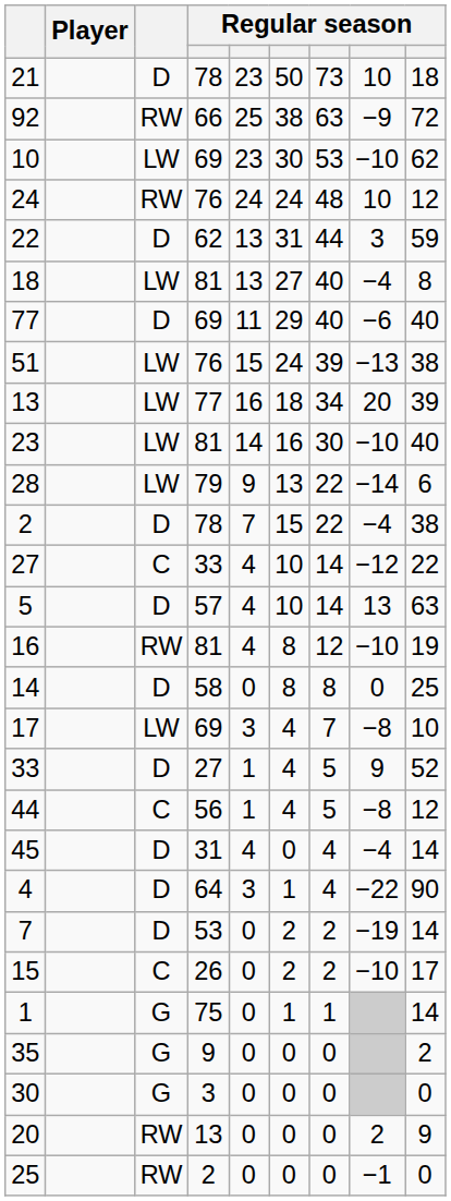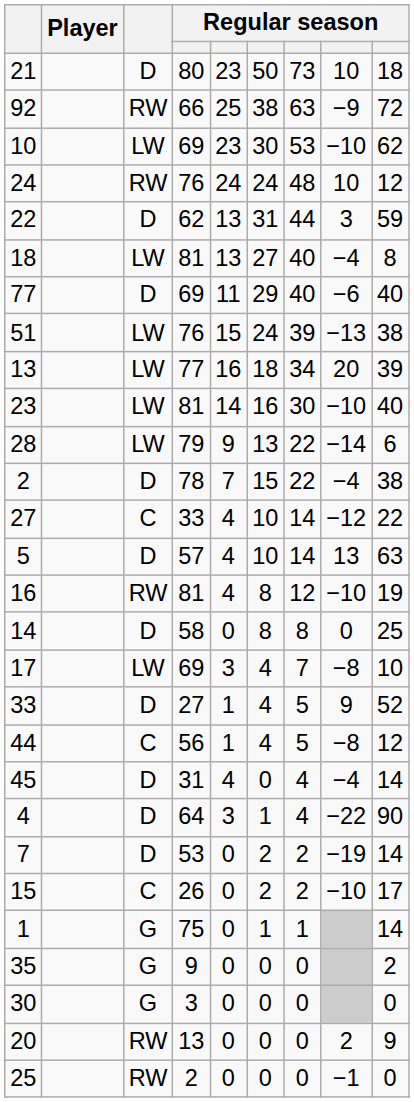 <table class="wikitable sortable plainrowheaders" style="text-align:center;">
 <tr>
 <th scope="col" data-sort-type="number" rowspan="2"></th>
 <th scope="col" rowspan="2">Player</th>
 <th scope="col" rowspan="2"></th>
 <th scope=colgroup colspan=6>Regular season</th>
 </tr>
 <tr>
 <th scope="col" data-sort-type="number"></th>
 <th scope="col" data-sort-type="number"></th>
 <th scope="col" data-sort-type="number"></th>
 <th scope="col" data-sort-type="number"></th>
 <th scope="col" data-sort-type="number"></th>
 <th scope="col" data-sort-type="number"></th>
 </tr>
 <tr>
 <td scope="row">21</td>
 <td align="left"></td>
 <td>D</td>
-<td>78</td>
+<td>80</td>
 <td>23</td>
 <td>50</td>
 <td>73</td>
 <td>10</td>
 <td>18</td>
 </tr>
 <tr>
 <td scope="row">92</td>
 <td align="left"></td>
 <td>RW</td>
 <td>66</td>
 <td>25</td>
 <td>38</td>
 <td>63</td>
 <td>−9</td>
 <td>72</td>
 </tr>
 <tr>
 <td scope="row">10</td>
 <td align="left"></td>
 <td>LW</td>
 <td>69</td>
 <td>23</td>
 <td>30</td>
 <td>53</td>
 <td>−10</td>
 <td>62</td>
 </tr>
 <tr>
 <td scope="row">24</td>
 <td align="left"></td>
 <td>RW</td>
 <td>76</td>
 <td>24</td>
 <td>24</td>
 <td>48</td>
 <td>10</td>
 <td>12</td>
 </tr>
 <tr>
 <td scope="row">22</td>
 <td align="left"></td>
 <td>D</td>
 <td>62</td>
 <td>13</td>
 <td>31</td>
 <td>44</td>
 <td>3</td>
 <td>59</td>
 </tr>
 <tr>
 <td scope="row">18</td>
 <td align="left"></td>
 <td>LW</td>
 <td>81</td>
 <td>13</td>
 <td>27</td>
 <td>40</td>
 <td>−4</td>
 <td>8</td>
 </tr>
 <tr>
 <td scope="row">77</td>
 <td align="left"></td>
 <td>D</td>
 <td>69</td>
 <td>11</td>
 <td>29</td>
 <td>40</td>
 <td>−6</td>
 <td>40</td>
 </tr>
 <tr>
 <td scope="row">51</td>
 <td align="left"></td>
 <td>LW</td>
 <td>76</td>
 <td>15</td>
 <td>24</td>
 <td>39</td>
 <td>−13</td>
 <td>38</td>
 </tr>
 <tr>
 <td scope="row">13</td>
 <td align="left"></td>
 <td>LW</td>
 <td>77</td>
 <td>16</td>
 <td>18</td>
 <td>34</td>
 <td>20</td>
 <td>39</td>
 </tr>
 <tr>
 <td scope="row">23</td>
 <td align="left"></td>
 <td>LW</td>
 <td>81</td>
 <td>14</td>
 <td>16</td>
 <td>30</td>
 <td>−10</td>
 <td>40</td>
 </tr>
 <tr>
 <td scope="row">28</td>
 <td align="left"></td>
 <td>LW</td>
 <td>79</td>
 <td>9</td>
 <td>13</td>
 <td>22</td>
 <td>−14</td>
 <td>6</td>
 </tr>
 <tr>
 <td scope="row">2</td>
 <td align="left"></td>
 <td>D</td>
 <td>78</td>
 <td>7</td>
 <td>15</td>
 <td>22</td>
 <td>−4</td>
 <td>38</td>
 </tr>
 <tr>
 <td scope="row">27</td>
 <td align="left"></td>
 <td>C</td>
 <td>33</td>
 <td>4</td>
 <td>10</td>
 <td>14</td>
 <td>−12</td>
 <td>22</td>
 </tr>
 <tr>
 <td scope="row">5</td>
 <td align="left"></td>
 <td>D</td>
 <td>57</td>
 <td>4</td>
 <td>10</td>
 <td>14</td>
 <td>13</td>
 <td>63</td>
 </tr>
 <tr>
 <td scope="row">16</td>
 <td align="left"></td>
 <td>RW</td>
 <td>81</td>
 <td>4</td>
 <td>8</td>
 <td>12</td>
 <td>−10</td>
 <td>19</td>
 </tr>
 <tr>
 <td scope="row">14</td>
 <td align="left"></td>
 <td>D</td>
 <td>58</td>
 <td>0</td>
 <td>8</td>
 <td>8</td>
 <td>0</td>
 <td>25</td>
 </tr>
 <tr>
 <td scope="row">17</td>
 <td align="left"></td>
 <td>LW</td>
 <td>69</td>
 <td>3</td>
 <td>4</td>
 <td>7</td>
 <td>−8</td>
 <td>10</td>
 </tr>
 <tr>
 <td scope="row">33</td>
 <td align="left"></td>
 <td>D</td>
 <td>27</td>
 <td>1</td>
 <td>4</td>
 <td>5</td>
 <td>9</td>
 <td>52</td>
 </tr>
 <tr>
 <td scope="row">44</td>
 <td align="left"></td>
 <td>C</td>
 <td>56</td>
 <td>1</td>
 <td>4</td>
 <td>5</td>
 <td>−8</td>
 <td>12</td>
 </tr>
 <tr>
 <td scope="row">45</td>
 <td align="left"></td>
 <td>D</td>
 <td>31</td>
 <td>4</td>
 <td>0</td>
 <td>4</td>
 <td>−4</td>
 <td>14</td>
 </tr>
 <tr>
 <td scope="row">4</td>
 <td align="left"></td>
 <td>D</td>
 <td>64</td>
 <td>3</td>
 <td>1</td>
 <td>4</td>
 <td>−22</td>
 <td>90</td>
 </tr>
 <tr>
 <td scope="row">7</td>
 <td align="left"></td>
 <td>D</td>
 <td>53</td>
 <td>0</td>
 <td>2</td>
 <td>2</td>
 <td>−19</td>
 <td>14</td>
 </tr>
 <tr>
 <td scope="row">15</td>
 <td align="left"></td>
 <td>C</td>
 <td>26</td>
 <td>0</td>
 <td>2</td>
 <td>2</td>
 <td>−10</td>
 <td>17</td>
 </tr>
 <tr>
 <td scope="row">1</td>
 <td align="left"></td>
 <td>G</td>
 <td>75</td>
 <td>0</td>
 <td>1</td>
 <td>1</td>
 <td style="background:#ccc"></td>
 <td>14</td>
 </tr>
 <tr>
 <td scope="row">35</td>
 <td align="left"></td>
 <td>G</td>
 <td>9</td>
 <td>0</td>
 <td>0</td>
 <td>0</td>
 <td style="background:#ccc"></td>
 <td>2</td>
 </tr>
 <tr>
 <td scope="row">30</td>
 <td align="left"></td>
 <td>G</td>
 <td>3</td>
 <td>0</td>
 <td>0</td>
 <td>0</td>
 <td style="background:#ccc"></td>
 <td>0</td>
 </tr>
 <tr>
 <td scope="row">20</td>
 <td align="left"></td>
 <td>RW</td>
 <td>13</td>
 <td>0</td>
 <td>0</td>
 <td>0</td>
 <td>2</td>
 <td>9</td>
 </tr>
 <tr>
 <td scope="row">25</td>
 <td align="left"></td>
 <td>RW</td>
 <td>2</td>
 <td>0</td>
 <td>0</td>
 <td>0</td>
 <td>−1</td>
 <td>0</td>
 </tr>
 </table>
